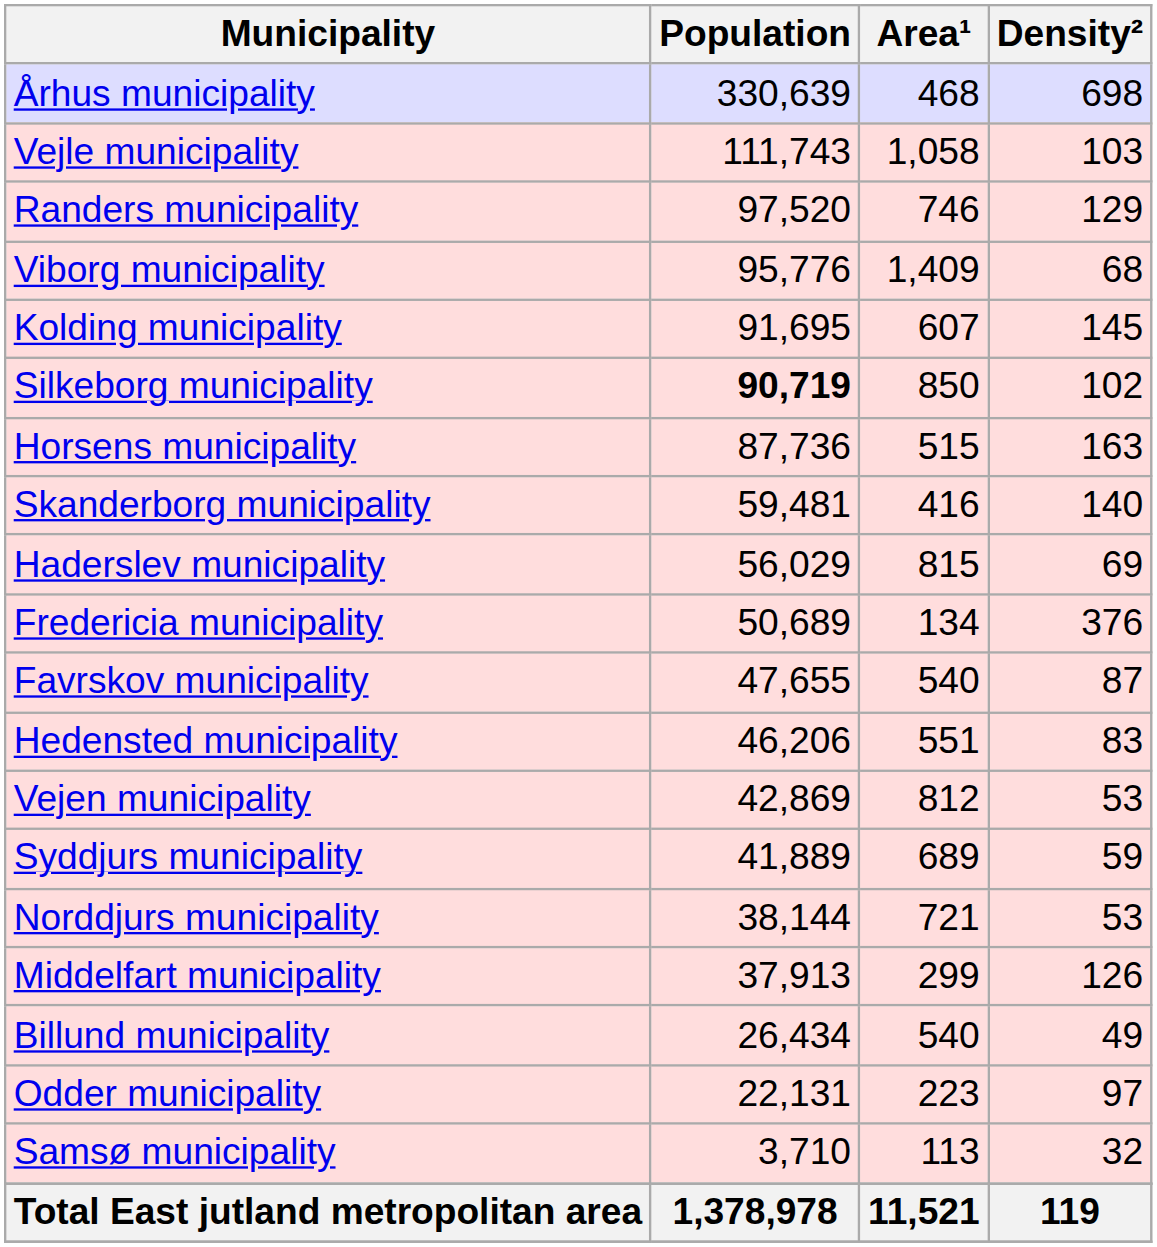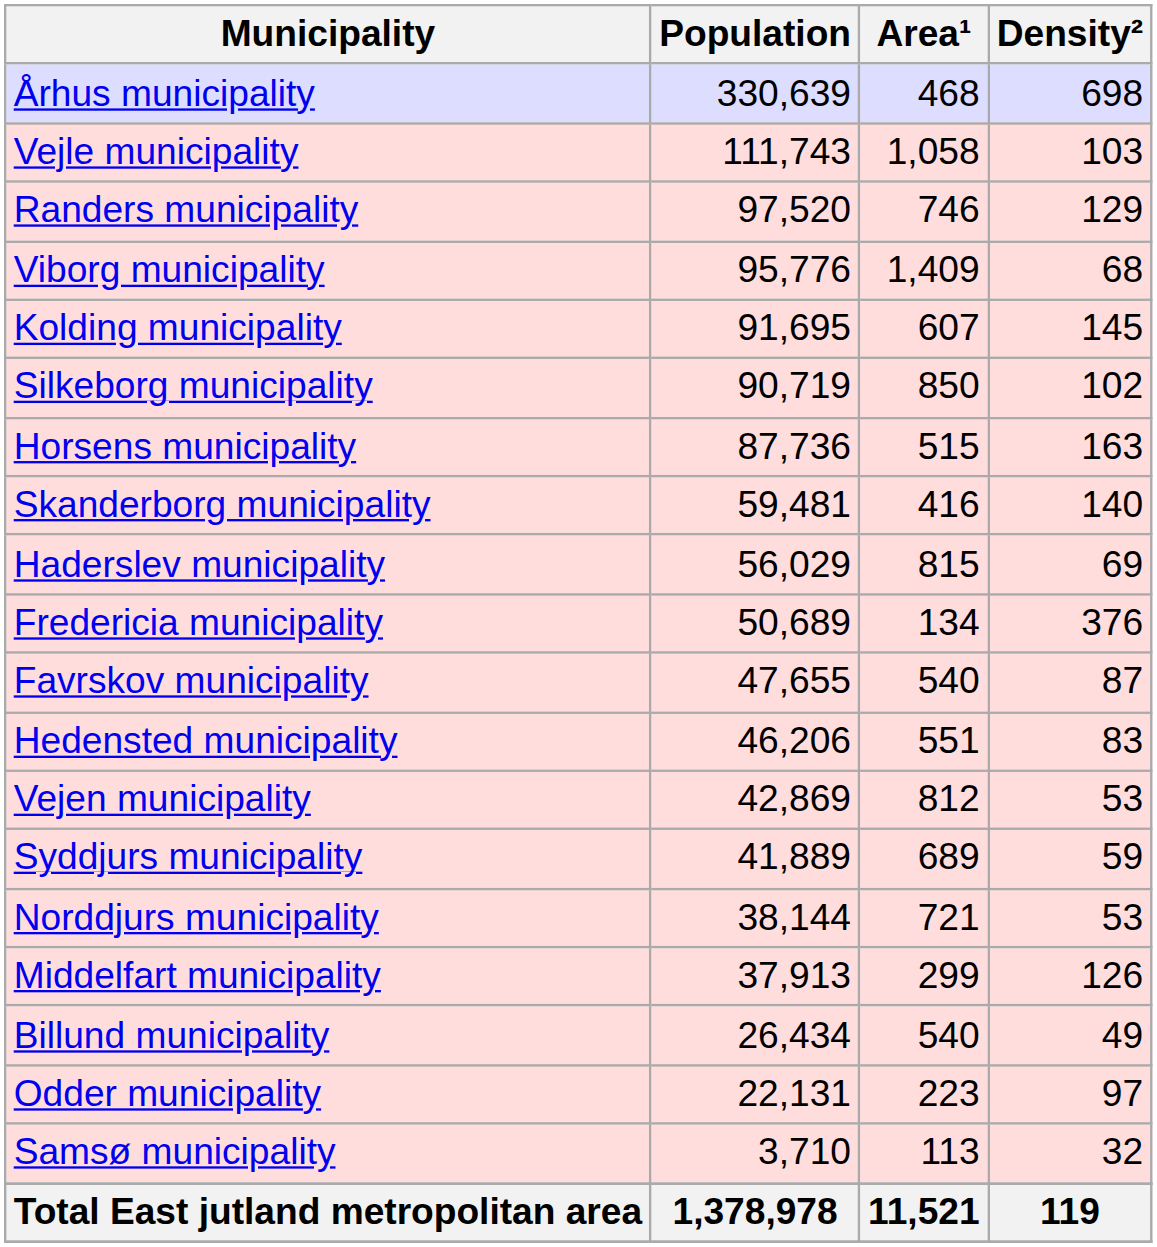 <table class="wikitable">
 <tr>
 <th>Municipality</th>
 <th>Population</th>
 <th>Area¹</th>
 <th>Density²</th>
 </tr>
 <tr align=right bgcolor=#ddddff>
 <td align=left><a href='#'>Århus municipality</a></td>
 <td>330,639</td>
 <td>468</td>
 <td>698</td>
 </tr>
 <tr align=right bgcolor=#ffdddd>
 <td align=left><a href='#'>Vejle municipality</a></td>
 <td>111,743</td>
 <td>1,058</td>
 <td>103</td>
 </tr>
 <tr align=right bgcolor=#ffdddd>
 <td align=left><a href='#'>Randers municipality</a></td>
 <td>97,520</td>
 <td>746</td>
 <td>129</td>
 </tr>
 <tr align=right bgcolor=#ffdddd>
 <td align=left><a href='#'>Viborg municipality</a></td>
 <td>95,776</td>
 <td>1,409</td>
 <td>68</td>
 </tr>
 <tr align=right bgcolor=#ffdddd>
 <td align=left><a href='#'>Kolding municipality</a></td>
 <td>91,695</td>
 <td>607</td>
 <td>145</td>
 </tr>
 <tr align=right bgcolor=#ffdddd>
 <td align=left><a href='#'>Silkeborg municipality</a></td>
-<td><strong>90,719</strong></td>
+<td>90,719</td>
 <td>850</td>
 <td>102</td>
 </tr>
 <tr align=right bgcolor=#ffdddd>
 <td align=left><a href='#'>Horsens municipality</a></td>
 <td>87,736</td>
 <td>515</td>
 <td>163</td>
 </tr>
 <tr align=right bgcolor=#ffdddd>
 <td align=left><a href='#'>Skanderborg municipality</a></td>
 <td>59,481</td>
 <td>416</td>
 <td>140</td>
 </tr>
 <tr align=right bgcolor=#ffdddd>
 <td align=left><a href='#'>Haderslev municipality</a></td>
 <td>56,029</td>
 <td>815</td>
 <td>69</td>
 </tr>
 <tr align=right bgcolor=#ffdddd>
 <td align=left><a href='#'>Fredericia municipality</a></td>
 <td>50,689</td>
 <td>134</td>
 <td>376</td>
 </tr>
 <tr align=right bgcolor=#ffdddd>
 <td align=left><a href='#'>Favrskov municipality</a></td>
 <td>47,655</td>
 <td>540</td>
 <td>87</td>
 </tr>
 <tr align=right bgcolor=#ffdddd>
 <td align=left><a href='#'>Hedensted municipality</a></td>
 <td>46,206</td>
 <td>551</td>
 <td>83</td>
 </tr>
 <tr align=right bgcolor=#ffdddd>
 <td align=left><a href='#'>Vejen municipality</a></td>
 <td>42,869</td>
 <td>812</td>
 <td>53</td>
 </tr>
 <tr align=right bgcolor=#ffdddd>
 <td align=left><a href='#'>Syddjurs municipality</a></td>
 <td>41,889</td>
 <td>689</td>
 <td>59</td>
 </tr>
 <tr align=right bgcolor=#ffdddd>
 <td align=left><a href='#'>Norddjurs municipality</a></td>
 <td>38,144</td>
 <td>721</td>
 <td>53</td>
 </tr>
 <tr align=right bgcolor=#ffdddd>
 <td align=left><a href='#'>Middelfart municipality</a></td>
 <td>37,913</td>
 <td>299</td>
 <td>126</td>
 </tr>
 <tr align=right bgcolor=#ffdddd>
 <td align=left><a href='#'>Billund municipality</a></td>
 <td>26,434</td>
 <td>540</td>
 <td>49</td>
 </tr>
 <tr align=right bgcolor=#ffdddd>
 <td align=left><a href='#'>Odder municipality</a></td>
 <td>22,131</td>
 <td>223</td>
 <td>97</td>
 </tr>
 <tr align=right bgcolor=#ffdddd>
 <td align=left><a href='#'>Samsø municipality</a></td>
 <td>3,710</td>
 <td>113</td>
 <td>32</td>
 </tr>
 <tr align=right bgcolor=#ffdddd>
 </tr>
 <tr align=right bgcolor=#ddddff>
 </tr>
 <tr align=right bgcolor=#dddddd>
 <th align=left>Total East jutland metropolitan area</th>
 <th>1,378,978</th>
 <th>11,521</th>
 <th>119</th>
 </tr>
 <tr align=right bgcolor=#ffdddd>
 </tr>
 </table>
